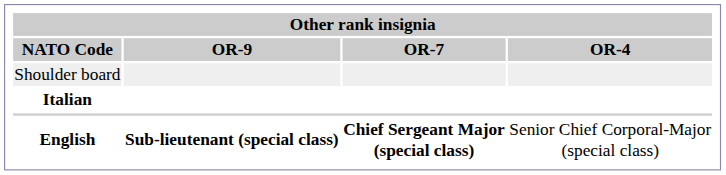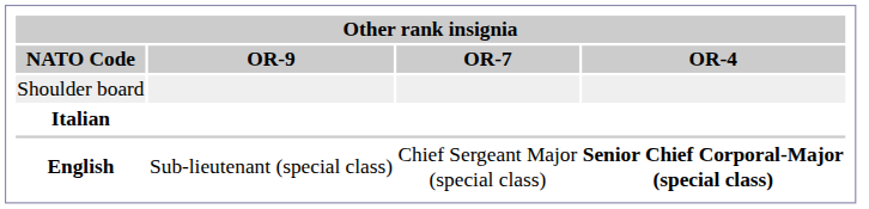 <table style="border:1px solid #8888aa; background:#fff; padding:5px; font-size:95%; margin:0 12px 12px 0;">
 <tr style="background:#ccc;">
 <th colspan=9>Other rank insignia</th>
 </tr>
 <tr style="background-color:#CCCCCC; text-align:center;">
 <th>NATO Code</th>
 <th>OR-9</th>
 <th>OR-7</th>
 <th>OR-4</th>
 </tr>
 <tr style="text-align:center; background:#efefef;">
 <td>Shoulder board</td>
 <td></td>
 <td></td>
 <td></td>
 </tr>
 <tr style="text-align:center;">
 <th>Italian</th>
 <td></td>
 <td></td>
 <td></td>
 </tr>
 <tr style="background:#ccc;">
 <td colspan=10></td>
 </tr>
 <tr style="text-align:center;">
 <th>English</th>
-<td><strong>Sub-lieutenant (special class)</strong></td>
-<td><strong>Chief Sergeant Major<br>(special class)</strong></td>
-<td>Senior Chief Corporal-Major<br>(special class)</td>
+<td>Sub-lieutenant (special class)</td>
+<td>Chief Sergeant Major<br>(special class)</td>
+<td><strong>Senior Chief Corporal-Major<br>(special class)</strong></td>
 </tr>
 </table>
